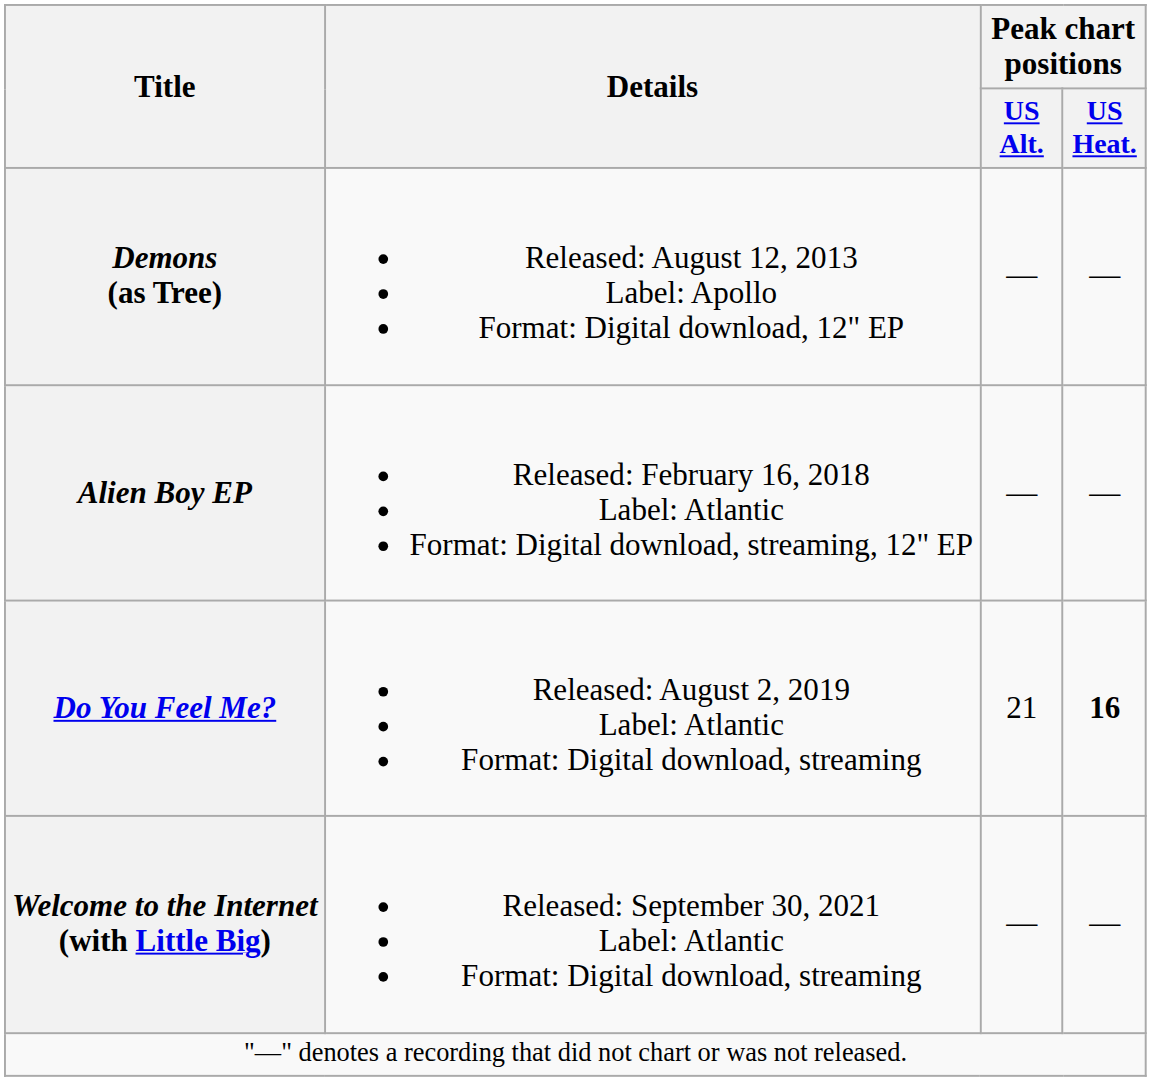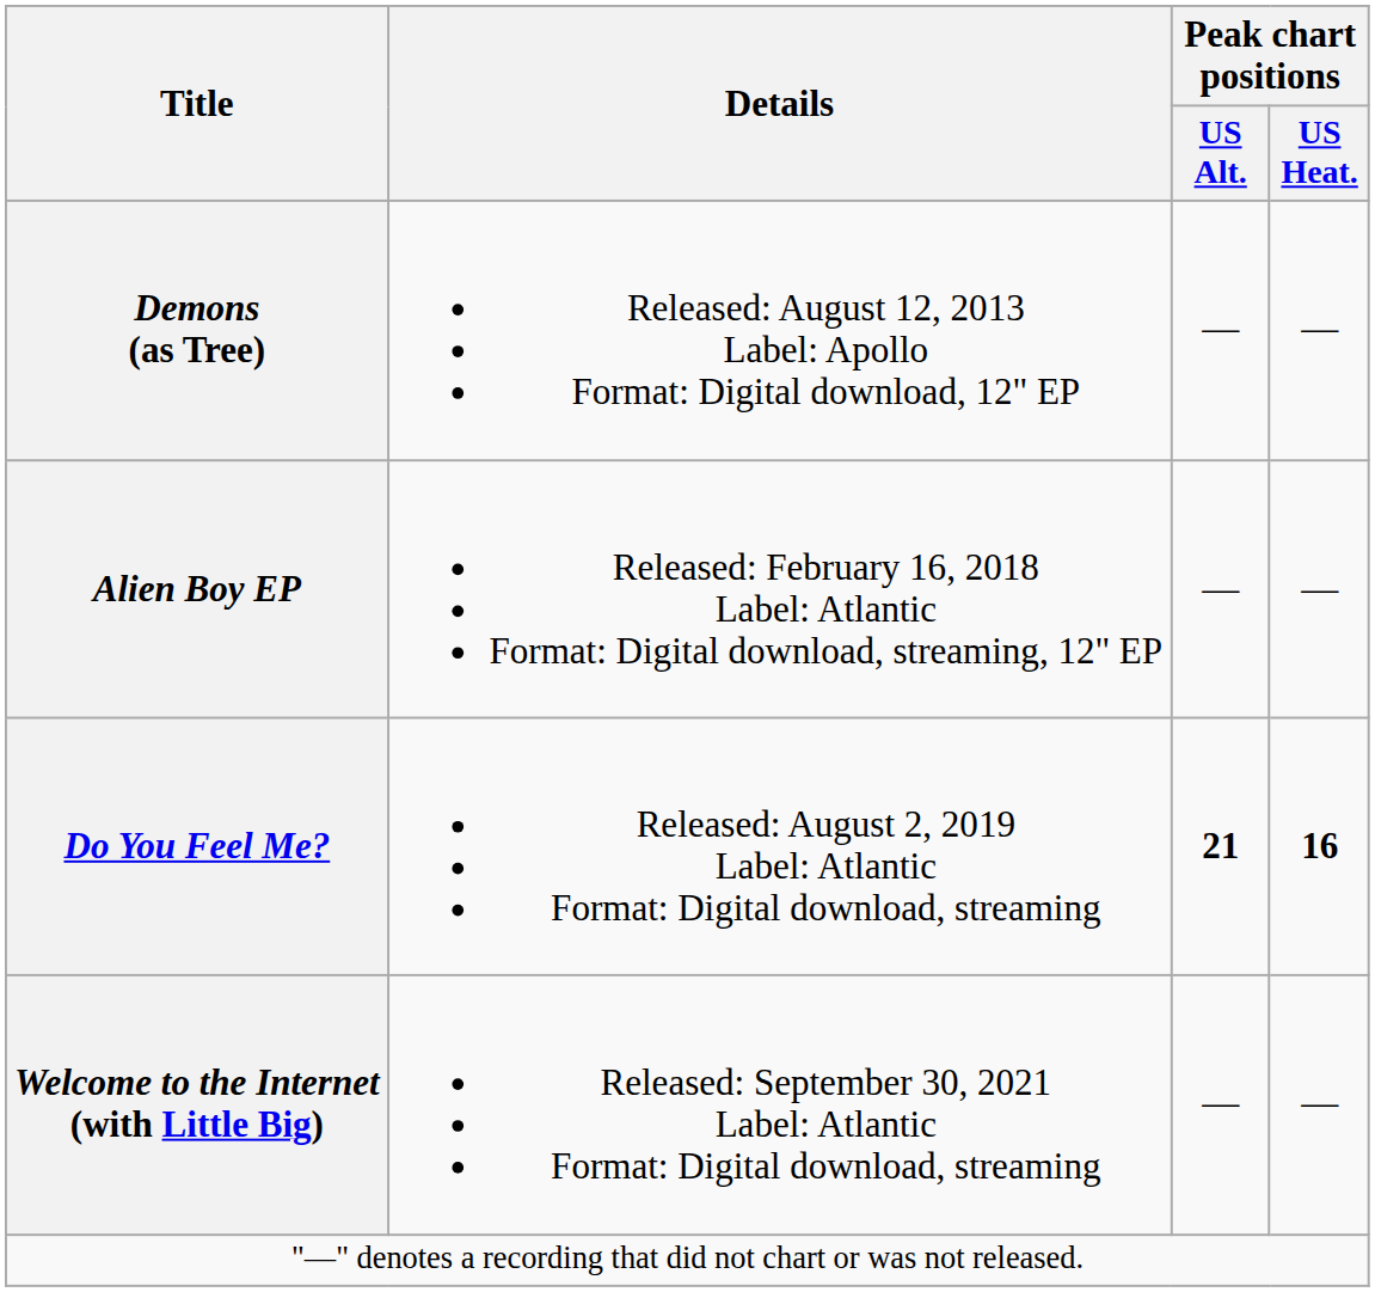 <table class="wikitable plainrowheaders" style="text-align:center;">
 <tr>
 <th rowspan="2" scope="col">Title</th>
 <th rowspan="2" scope="col">Details</th>
 <th colspan="2">Peak chart positions</th>
 </tr>
 <tr>
 <th scope="col" style="width:2.5em;font-size:90%;"><a href='#'>US<br>Alt.</a><br></th>
 <th scope="col" style="width:2.5em;font-size:90%;"><a href='#'>US<br>Heat.</a><br></th>
 </tr>
 <tr>
 <th scope="row"><em>Demons</em><br><span>(as Tree)</span></th>
 <td><br><ul><li>Released: August 12, 2013</li><li>Label: Apollo</li><li>Format: Digital download, 12" EP</li></ul></td>
 <td>—</td>
 <td>—</td>
 </tr>
 <tr>
 <th scope="row"><em>Alien Boy EP</em></th>
 <td><br><ul><li>Released: February 16, 2018</li><li>Label: Atlantic</li><li>Format: Digital download, streaming, 12" EP</li></ul></td>
 <td>—</td>
 <td>—</td>
 </tr>
 <tr>
 <th scope="row"><em><a href='#'>Do You Feel Me?</a></em></th>
 <td><br><ul><li>Released: August 2, 2019</li><li>Label: Atlantic</li><li>Format: Digital download, streaming</li></ul></td>
-<td>21</td>
+<td><strong>21</strong></td>
 <td><strong>16</strong></td>
 </tr>
 <tr>
 <th scope="row"><em>Welcome to the Internet</em> <br><span>(with <a href='#'>Little Big</a>)</span></th>
 <td><br><ul><li>Released: September 30, 2021</li><li>Label: Atlantic</li><li>Format: Digital download, streaming</li></ul></td>
 <td>—</td>
 <td>—</td>
 </tr>
 <tr>
 <td colspan="5" style="font-size:85%">"—" denotes a recording that did not chart or was not released.</td>
 </tr>
 </table>
